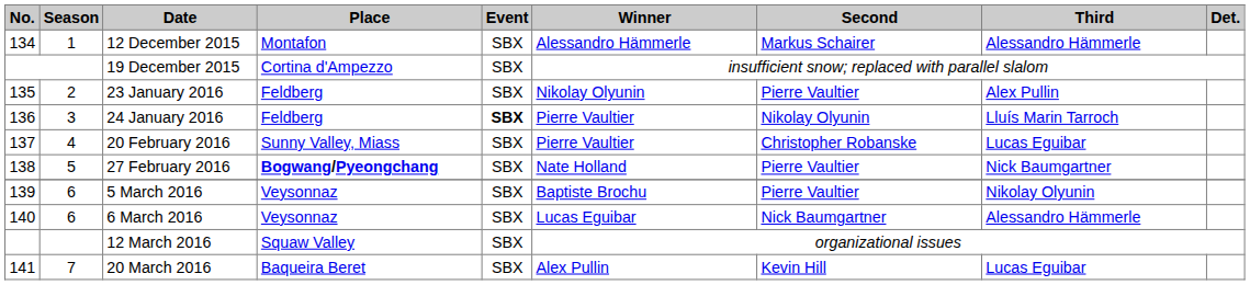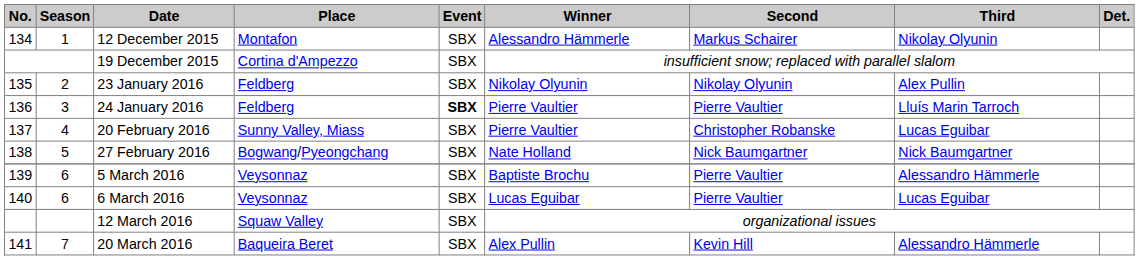 <table cellpadding="3" cellspacing="0" border="1" style="background:#ffffff; font-size:90%; border:grey solid 1px; border-collapse:collapse;">
 <tr style="background:#ccc; text-align:center;">
 <th width=25>No.</th>
 <th width=30>Season</th>
 <th style="width:135px;">Date</th>
 <th style="width:200px;">Place</th>
 <th style="width:15px;">Event</th>
 <th style="width:200px;">Winner</th>
 <th style="width:200px;">Second</th>
 <th style="width:200px;">Third</th>
 <th style="width:15px;">Det.</th>
 </tr>
 <tr>
 <td align=center>134</td>
 <td align=center>1</td>
 <td>12 December 2015</td>
 <td> <a href='#'>Montafon</a></td>
 <td align=center>SBX</td>
 <td> <a href='#'>Alessandro Hämmerle</a></td>
 <td> <a href='#'>Markus Schairer</a></td>
-<td> <a href='#'>Alessandro Hämmerle</a></td>
+<td> <a href='#'>Nikolay Olyunin</a></td>
 <td></td>
 </tr>
 <tr>
 <td colspan=2></td>
 <td>19 December 2015</td>
 <td> <a href='#'>Cortina d'Ampezzo</a></td>
 <td align=center>SBX</td>
 <td colspan=4 align=center><em>insufficient snow; replaced with parallel slalom</em></td>
 </tr>
 <tr>
 <td align=center>135</td>
 <td align=center>2</td>
 <td>23 January 2016</td>
 <td> <a href='#'>Feldberg</a></td>
 <td align=center>SBX</td>
 <td> <a href='#'>Nikolay Olyunin</a></td>
-<td> <a href='#'>Pierre Vaultier</a></td>
+<td> <a href='#'>Nikolay Olyunin</a></td>
 <td> <a href='#'>Alex Pullin</a></td>
 <td></td>
 </tr>
 <tr>
 <td align=center>136</td>
 <td align=center>3</td>
 <td>24 January 2016</td>
 <td> <a href='#'>Feldberg</a></td>
 <td align=center><strong>SBX</strong></td>
 <td> <a href='#'>Pierre Vaultier</a></td>
-<td> <a href='#'>Nikolay Olyunin</a></td>
+<td> <a href='#'>Pierre Vaultier</a></td>
 <td> <a href='#'>Lluís Marin Tarroch</a></td>
 <td></td>
 </tr>
 <tr>
 <td align=center>137</td>
 <td align=center>4</td>
 <td>20 February 2016</td>
 <td> <a href='#'>Sunny Valley, Miass</a></td>
 <td align=center>SBX</td>
 <td> <a href='#'>Pierre Vaultier</a></td>
 <td> <a href='#'>Christopher Robanske</a></td>
 <td> <a href='#'>Lucas Eguibar</a></td>
 <td></td>
 </tr>
 <tr>
 <td align=center>138</td>
 <td align=center>5</td>
 <td>27 February 2016</td>
-<td><strong> <a href='#'>Bogwang</a>/<a href='#'>Pyeongchang</a></strong></td>
+<td> <a href='#'>Bogwang</a>/<a href='#'>Pyeongchang</a></td>
 <td align=center>SBX</td>
 <td> <a href='#'>Nate Holland</a></td>
-<td> <a href='#'>Pierre Vaultier</a></td>
+<td> <a href='#'>Nick Baumgartner</a></td>
 <td> <a href='#'>Nick Baumgartner</a></td>
 <td></td>
 </tr>
 <tr>
 </tr>
 <tr>
 <td align=center>139</td>
 <td align=center>6</td>
 <td>5 March 2016</td>
 <td> <a href='#'>Veysonnaz</a></td>
 <td align=center>SBX</td>
 <td> <a href='#'>Baptiste Brochu</a></td>
 <td> <a href='#'>Pierre Vaultier</a></td>
-<td> <a href='#'>Nikolay Olyunin</a></td>
+<td> <a href='#'>Alessandro Hämmerle</a></td>
 <td></td>
 </tr>
 <tr>
 <td align=center>140</td>
 <td align=center>6</td>
 <td>6 March 2016</td>
 <td> <a href='#'>Veysonnaz</a></td>
 <td align=center>SBX</td>
 <td> <a href='#'>Lucas Eguibar</a></td>
-<td> <a href='#'>Nick Baumgartner</a></td>
-<td> <a href='#'>Alessandro Hämmerle</a></td>
+<td> <a href='#'>Pierre Vaultier</a></td>
+<td> <a href='#'>Lucas Eguibar</a></td>
 <td></td>
 </tr>
 <tr>
 <td align=center></td>
 <td align=center></td>
 <td>12 March 2016</td>
 <td> <a href='#'>Squaw Valley</a></td>
 <td align=center>SBX</td>
 <td colspan=4 align=center><em>organizational issues</em></td>
 </tr>
 <tr>
 <td align=center>141</td>
 <td align=center>7</td>
 <td>20 March 2016</td>
 <td> <a href='#'>Baqueira Beret</a></td>
 <td align=center>SBX</td>
 <td> <a href='#'>Alex Pullin</a></td>
 <td> <a href='#'>Kevin Hill</a></td>
-<td> <a href='#'>Lucas Eguibar</a></td>
+<td> <a href='#'>Alessandro Hämmerle</a></td>
 <td></td>
 </tr>
 </table>
